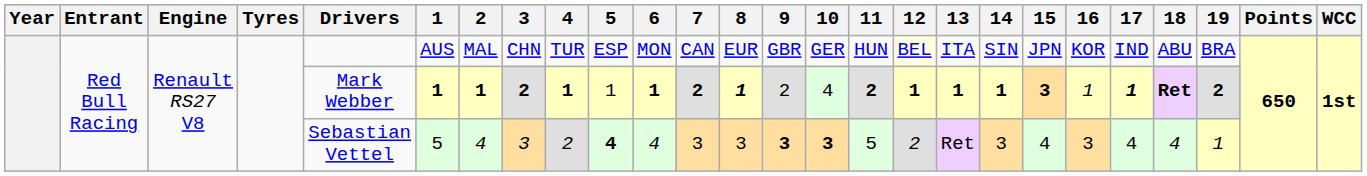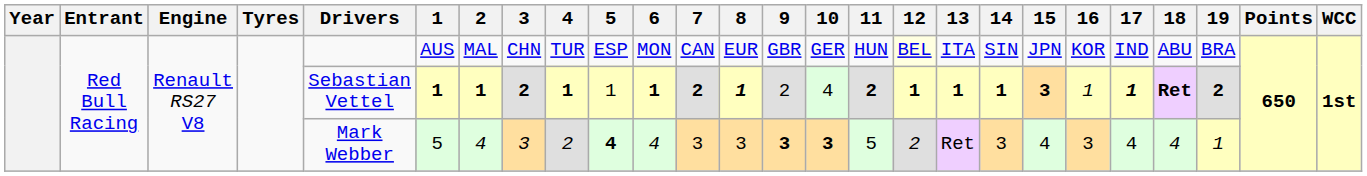 <table class="wikitable" style="text-align:center; font-size:95%">
 <tr>
 <th>Year</th>
 <th>Entrant</th>
 <th>Engine</th>
 <th>Tyres</th>
 <th>Drivers</th>
 <th>1</th>
 <th>2</th>
 <th>3</th>
 <th>4</th>
 <th>5</th>
 <th>6</th>
 <th>7</th>
 <th>8</th>
 <th>9</th>
 <th>10</th>
 <th>11</th>
 <th>12</th>
 <th>13</th>
 <th>14</th>
 <th>15</th>
 <th>16</th>
 <th>17</th>
 <th>18</th>
 <th>19</th>
 <th>Points</th>
 <th>WCC</th>
 </tr>
 <tr>
 <th rowspan=3></th>
 <td rowspan=3><a href='#'>Red Bull Racing</a></td>
 <td rowspan=3><a href='#'>Renault</a> <em>RS27</em> <a href='#'>V8</a></td>
 <td rowspan=3></td>
 <td></td>
 <td><a href='#'>AUS</a></td>
 <td><a href='#'>MAL</a></td>
 <td><a href='#'>CHN</a></td>
 <td><a href='#'>TUR</a></td>
 <td><a href='#'>ESP</a></td>
 <td><a href='#'>MON</a></td>
 <td><a href='#'>CAN</a></td>
 <td><a href='#'>EUR</a></td>
 <td><a href='#'>GBR</a></td>
 <td><a href='#'>GER</a></td>
 <td><a href='#'>HUN</a></td>
 <td style="background: lightyellow;"><a href='#'>BEL</a></td>
 <td><a href='#'>ITA</a></td>
 <td><a href='#'>SIN</a></td>
 <td><a href='#'>JPN</a></td>
 <td><a href='#'>KOR</a></td>
 <td><a href='#'>IND</a></td>
 <td><a href='#'>ABU</a></td>
 <td><a href='#'>BRA</a></td>
 <td rowspan=3 style="background-color:#ffffbf"><strong>650</strong></td>
 <td rowspan=3 style="background-color:#ffffbf"><strong>1st</strong></td>
 </tr>
 <tr>
-<td> <a href='#'>Mark Webber</a></td>
+<td> <a href='#'>Sebastian Vettel</a></td>
 <td style="background-color:#ffffbf"><strong>1</strong></td>
 <td style="background-color:#ffffbf"><strong>1</strong></td>
 <td style="background-color:#DFDFDF"><strong>2</strong></td>
 <td style="background-color:#ffffbf"><strong>1</strong></td>
 <td style="background-color:#ffffbf">1</td>
 <td style="background-color:#ffffbf"><strong>1</strong></td>
 <td style="background-color:#DFDFDF"><strong>2</strong></td>
 <td style="background-color:#ffffbf"><strong><em>1</em></strong></td>
 <td style="background-color:#DFDFDF">2</td>
 <td style="background-color:#dfffdf">4</td>
 <td style="background-color:#dfdfdf"><strong>2</strong></td>
 <td style="background-color:#ffffbf"><strong>1</strong></td>
 <td style="background-color:#ffffbf"><strong>1</strong></td>
 <td style="background-color:#ffffbf"><strong>1</strong></td>
 <td style="background-color:#ffdf9f"><strong>3</strong></td>
 <td style="background-color:#ffffbf"><em>1</em></td>
 <td style="background-color:#ffffbf"><strong><em>1</em></strong></td>
 <td style="background-color:#efcfff"><strong>Ret</strong></td>
 <td style="background-color:#dfdfdf"><strong>2</strong></td>
 </tr>
 <tr>
-<td> <a href='#'>Sebastian Vettel</a></td>
+<td> <a href='#'>Mark Webber</a></td>
 <td style="background-color:#dfffdf">5</td>
 <td style="background-color:#dfffdf"><em>4</em></td>
 <td style="background-color:#ffdf9f"><em>3</em></td>
 <td style="background-color:#DFDFDF"><em>2</em></td>
 <td style="background-color:#dfffdf"><strong>4</strong></td>
 <td style="background-color:#dfffdf"><em>4</em></td>
 <td style="background-color:#ffdf9f">3</td>
 <td style="background-color:#ffdf9f">3</td>
 <td style="background-color:#ffdf9f"><strong>3</strong></td>
 <td style="background-color:#ffdf9f"><strong>3</strong></td>
 <td style="background-color:#dfffdf">5</td>
 <td style="background-color:#DFDFDF"><em>2</em></td>
 <td style="background-color:#efcfff">Ret</td>
 <td style="background-color:#ffdf9f">3</td>
 <td style="background-color:#dfffdf">4</td>
 <td style="background-color:#ffdf9f">3</td>
 <td style="background-color:#dfffdf">4</td>
 <td style="background-color:#dfffdf"><em>4</em></td>
 <td style="background-color:#ffffbf"><em>1</em></td>
 </tr>
 </table>
